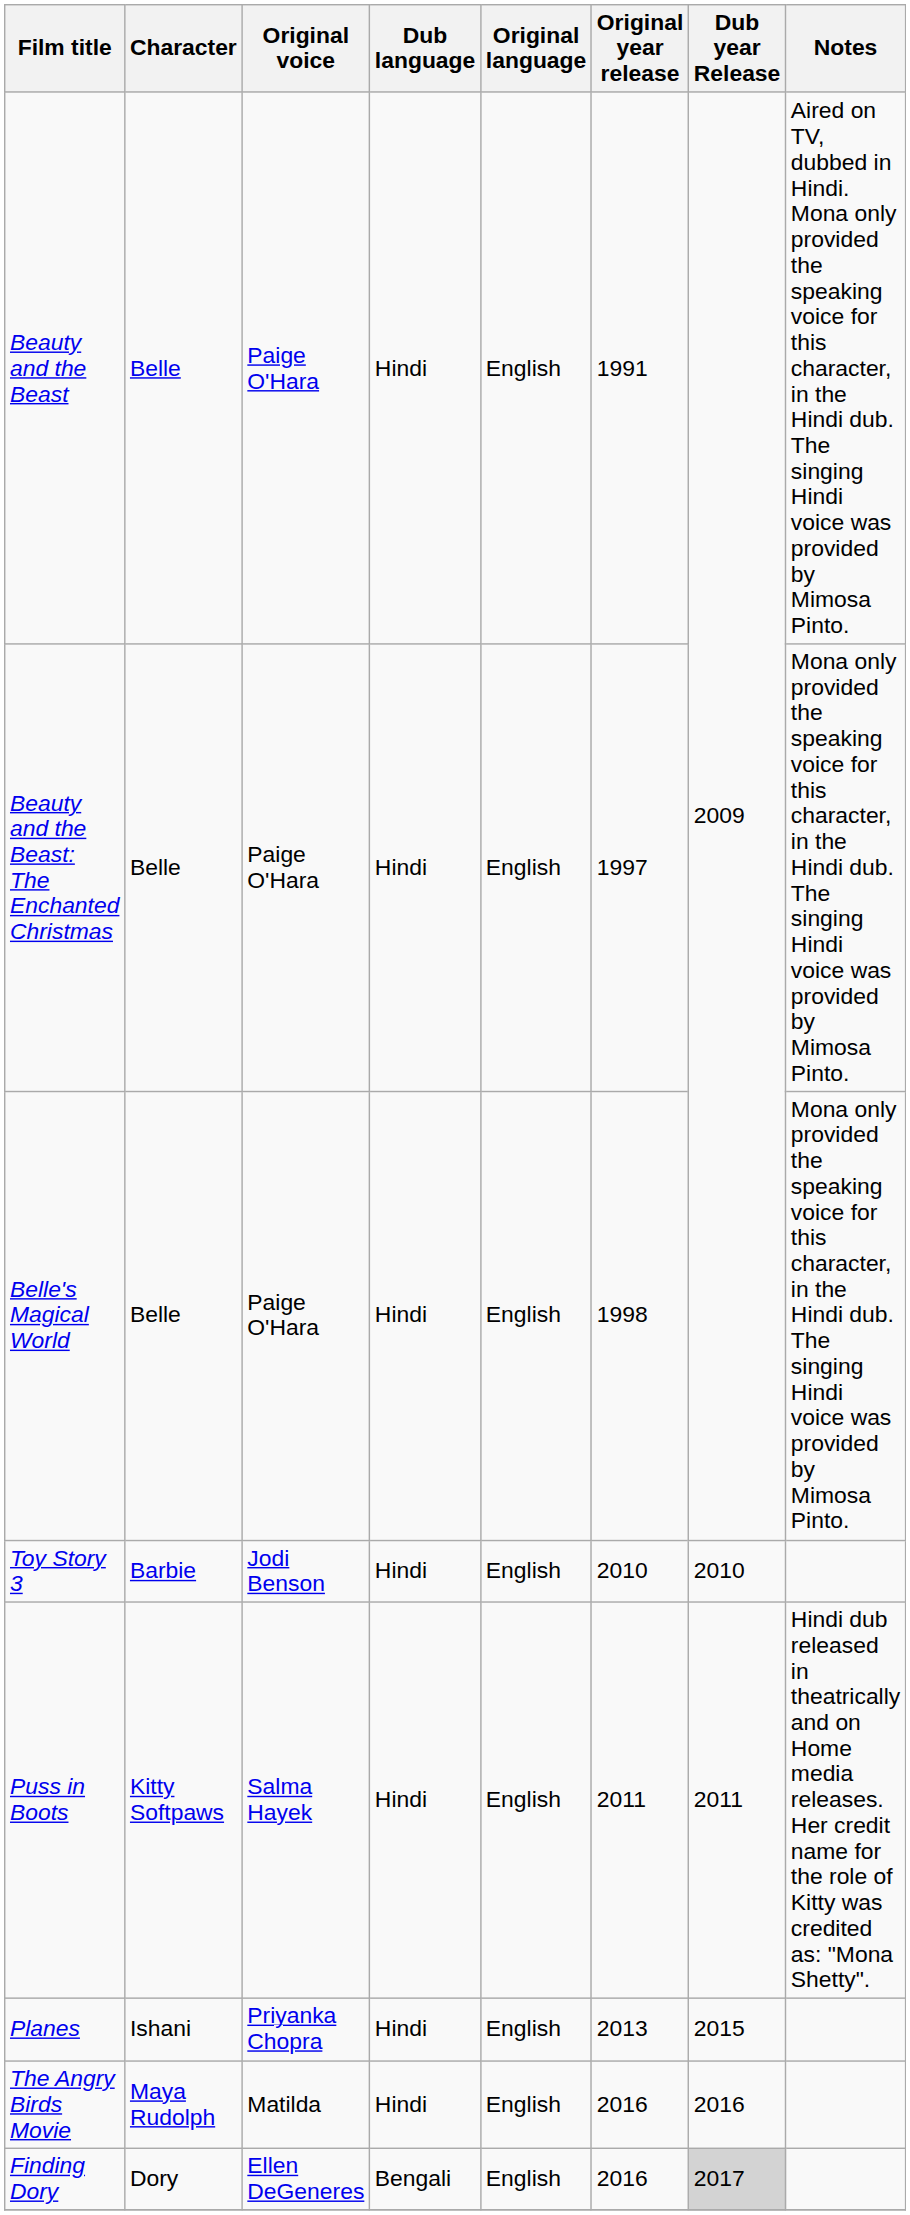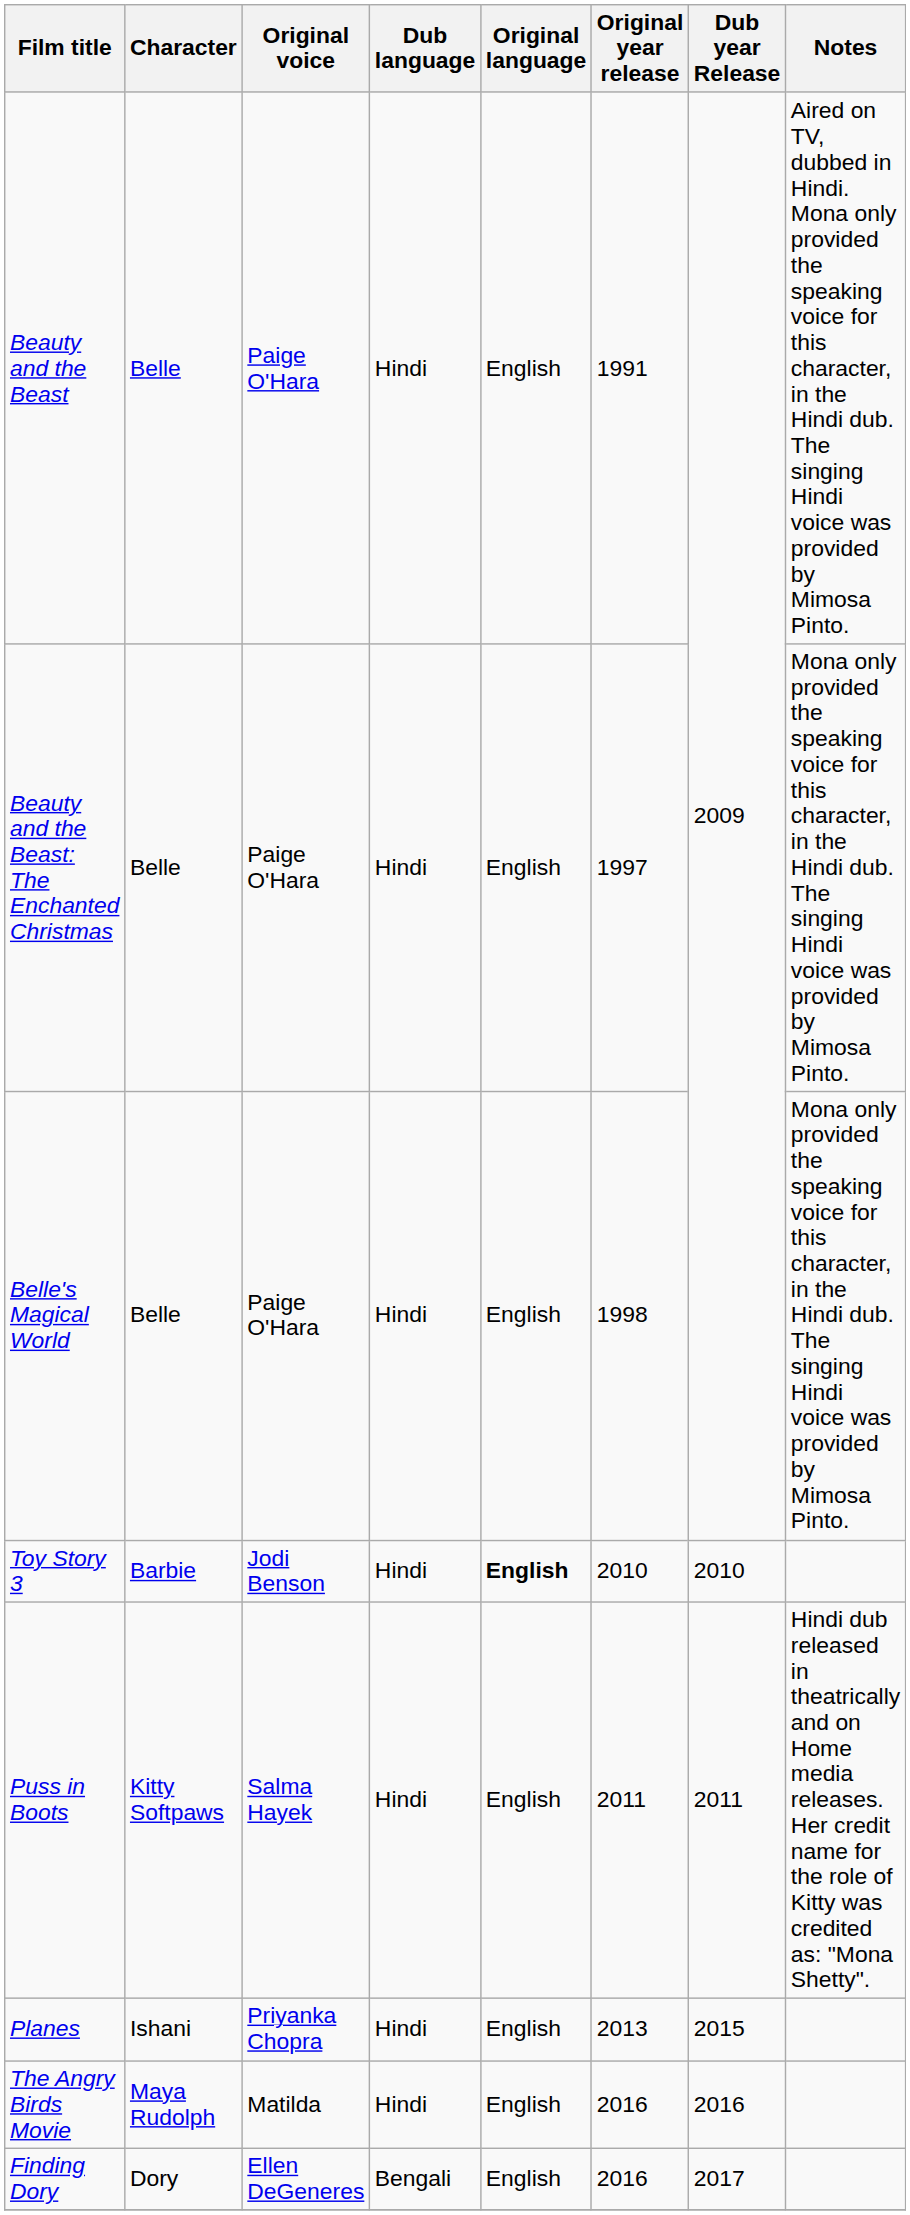 <table class="wikitable">
 <tr>
 <th>Film title</th>
 <th>Character</th>
 <th>Original voice</th>
 <th>Dub language</th>
 <th>Original language</th>
 <th>Original year release</th>
 <th>Dub year Release</th>
 <th>Notes</th>
 </tr>
 <tr>
 <td><em><a href='#'>Beauty and the Beast</a></em></td>
 <td><a href='#'>Belle</a></td>
 <td><a href='#'>Paige O'Hara</a></td>
 <td>Hindi</td>
 <td>English</td>
 <td>1991</td>
 <td rowspan="3">2009</td>
 <td>Aired on TV, dubbed in Hindi. Mona only provided the speaking voice for this character, in the Hindi dub. The singing Hindi voice was provided by Mimosa Pinto.</td>
 </tr>
 <tr>
 <td><em><a href='#'>Beauty and the Beast: The Enchanted Christmas</a></em></td>
 <td>Belle</td>
 <td>Paige O'Hara</td>
 <td>Hindi</td>
 <td>English</td>
 <td>1997</td>
 <td>Mona only provided the speaking voice for this character, in the Hindi dub. The singing Hindi voice was provided by Mimosa Pinto.</td>
 </tr>
 <tr>
 <td><em><a href='#'>Belle's Magical World</a> </em></td>
 <td>Belle</td>
 <td>Paige O'Hara</td>
 <td>Hindi</td>
 <td>English</td>
 <td>1998</td>
 <td>Mona only provided the speaking voice for this character, in the Hindi dub. The singing Hindi voice was provided by Mimosa Pinto.</td>
 </tr>
 <tr>
 <td><em><a href='#'>Toy Story 3</a></em></td>
 <td><a href='#'>Barbie</a></td>
 <td><a href='#'>Jodi Benson</a></td>
 <td>Hindi</td>
-<td>English</td>
+<td><strong>English</strong></td>
 <td>2010</td>
 <td>2010</td>
 <td></td>
 </tr>
 <tr>
 <td><em><a href='#'>Puss in Boots</a></em></td>
 <td><a href='#'>Kitty Softpaws</a></td>
 <td><a href='#'>Salma Hayek</a></td>
 <td>Hindi</td>
 <td>English</td>
 <td>2011</td>
 <td>2011</td>
 <td>Hindi dub released in theatrically and on Home media releases. Her credit name for the role of Kitty was credited as: "Mona Shetty".</td>
 </tr>
 <tr>
 <td><em><a href='#'>Planes</a></em></td>
 <td>Ishani</td>
 <td><a href='#'>Priyanka Chopra</a></td>
 <td>Hindi</td>
 <td>English</td>
 <td>2013</td>
 <td>2015</td>
 <td></td>
 </tr>
 <tr>
 <td><em><a href='#'>The Angry Birds Movie</a></em></td>
 <td><a href='#'>Maya Rudolph</a></td>
 <td>Matilda</td>
 <td>Hindi</td>
 <td>English</td>
 <td>2016</td>
 <td>2016</td>
 <td></td>
 </tr>
 <tr>
 <td><em><a href='#'>Finding Dory</a></em></td>
 <td>Dory</td>
 <td><a href='#'>Ellen DeGeneres</a></td>
 <td>Bengali</td>
 <td>English</td>
 <td>2016</td>
-<td style="background: lightgrey;">2017</td>
+<td>2017</td>
 <td></td>
 </tr>
 <tr>
 </tr>
 </table>
